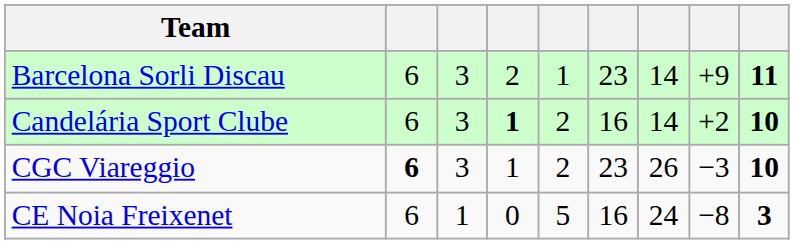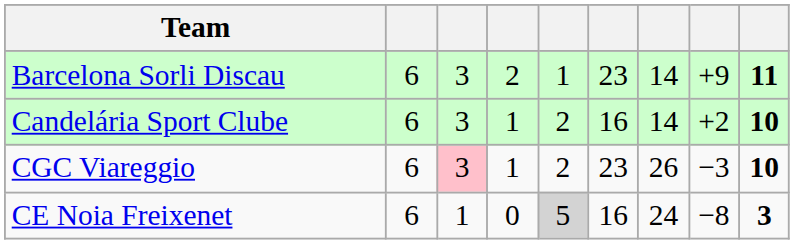 <table class="wikitable" style="text-align:center">
 <tr>
 <th width="200">Team</th>
 <th width="20"></th>
 <th width="20"></th>
 <th width="20"></th>
 <th width="20"></th>
 <th width="20"></th>
 <th width="20"></th>
 <th width="20"></th>
 <th width="20"></th>
 </tr>
 <tr bgcolor="#ccffcc">
 <td align=left> <a href='#'>Barcelona Sorli Discau</a></td>
 <td>6</td>
 <td>3</td>
 <td>2</td>
 <td>1</td>
 <td>23</td>
 <td>14</td>
 <td>+9</td>
 <td><strong>11</strong></td>
 </tr>
 <tr bgcolor="#ccffcc">
 <td align=left> <a href='#'>Candelária Sport Clube</a></td>
 <td>6</td>
 <td>3</td>
-<td><strong>1</strong></td>
+<td>1</td>
 <td>2</td>
 <td>16</td>
 <td>14</td>
 <td>+2</td>
 <td><strong>10</strong></td>
 </tr>
 <tr>
 <td align=left> <a href='#'>CGC Viareggio</a></td>
-<td><strong>6</strong></td>
-<td>3</td>
+<td>6</td>
+<td style="background: pink;">3</td>
 <td>1</td>
 <td>2</td>
 <td>23</td>
 <td>26</td>
 <td>−3</td>
 <td><strong>10</strong></td>
 </tr>
 <tr>
 <td align=left> <a href='#'>CE Noia Freixenet</a></td>
 <td>6</td>
 <td>1</td>
 <td>0</td>
-<td>5</td>
+<td style="background: lightgrey;">5</td>
 <td>16</td>
 <td>24</td>
 <td>−8</td>
 <td><strong>3</strong></td>
 </tr>
 </table>
